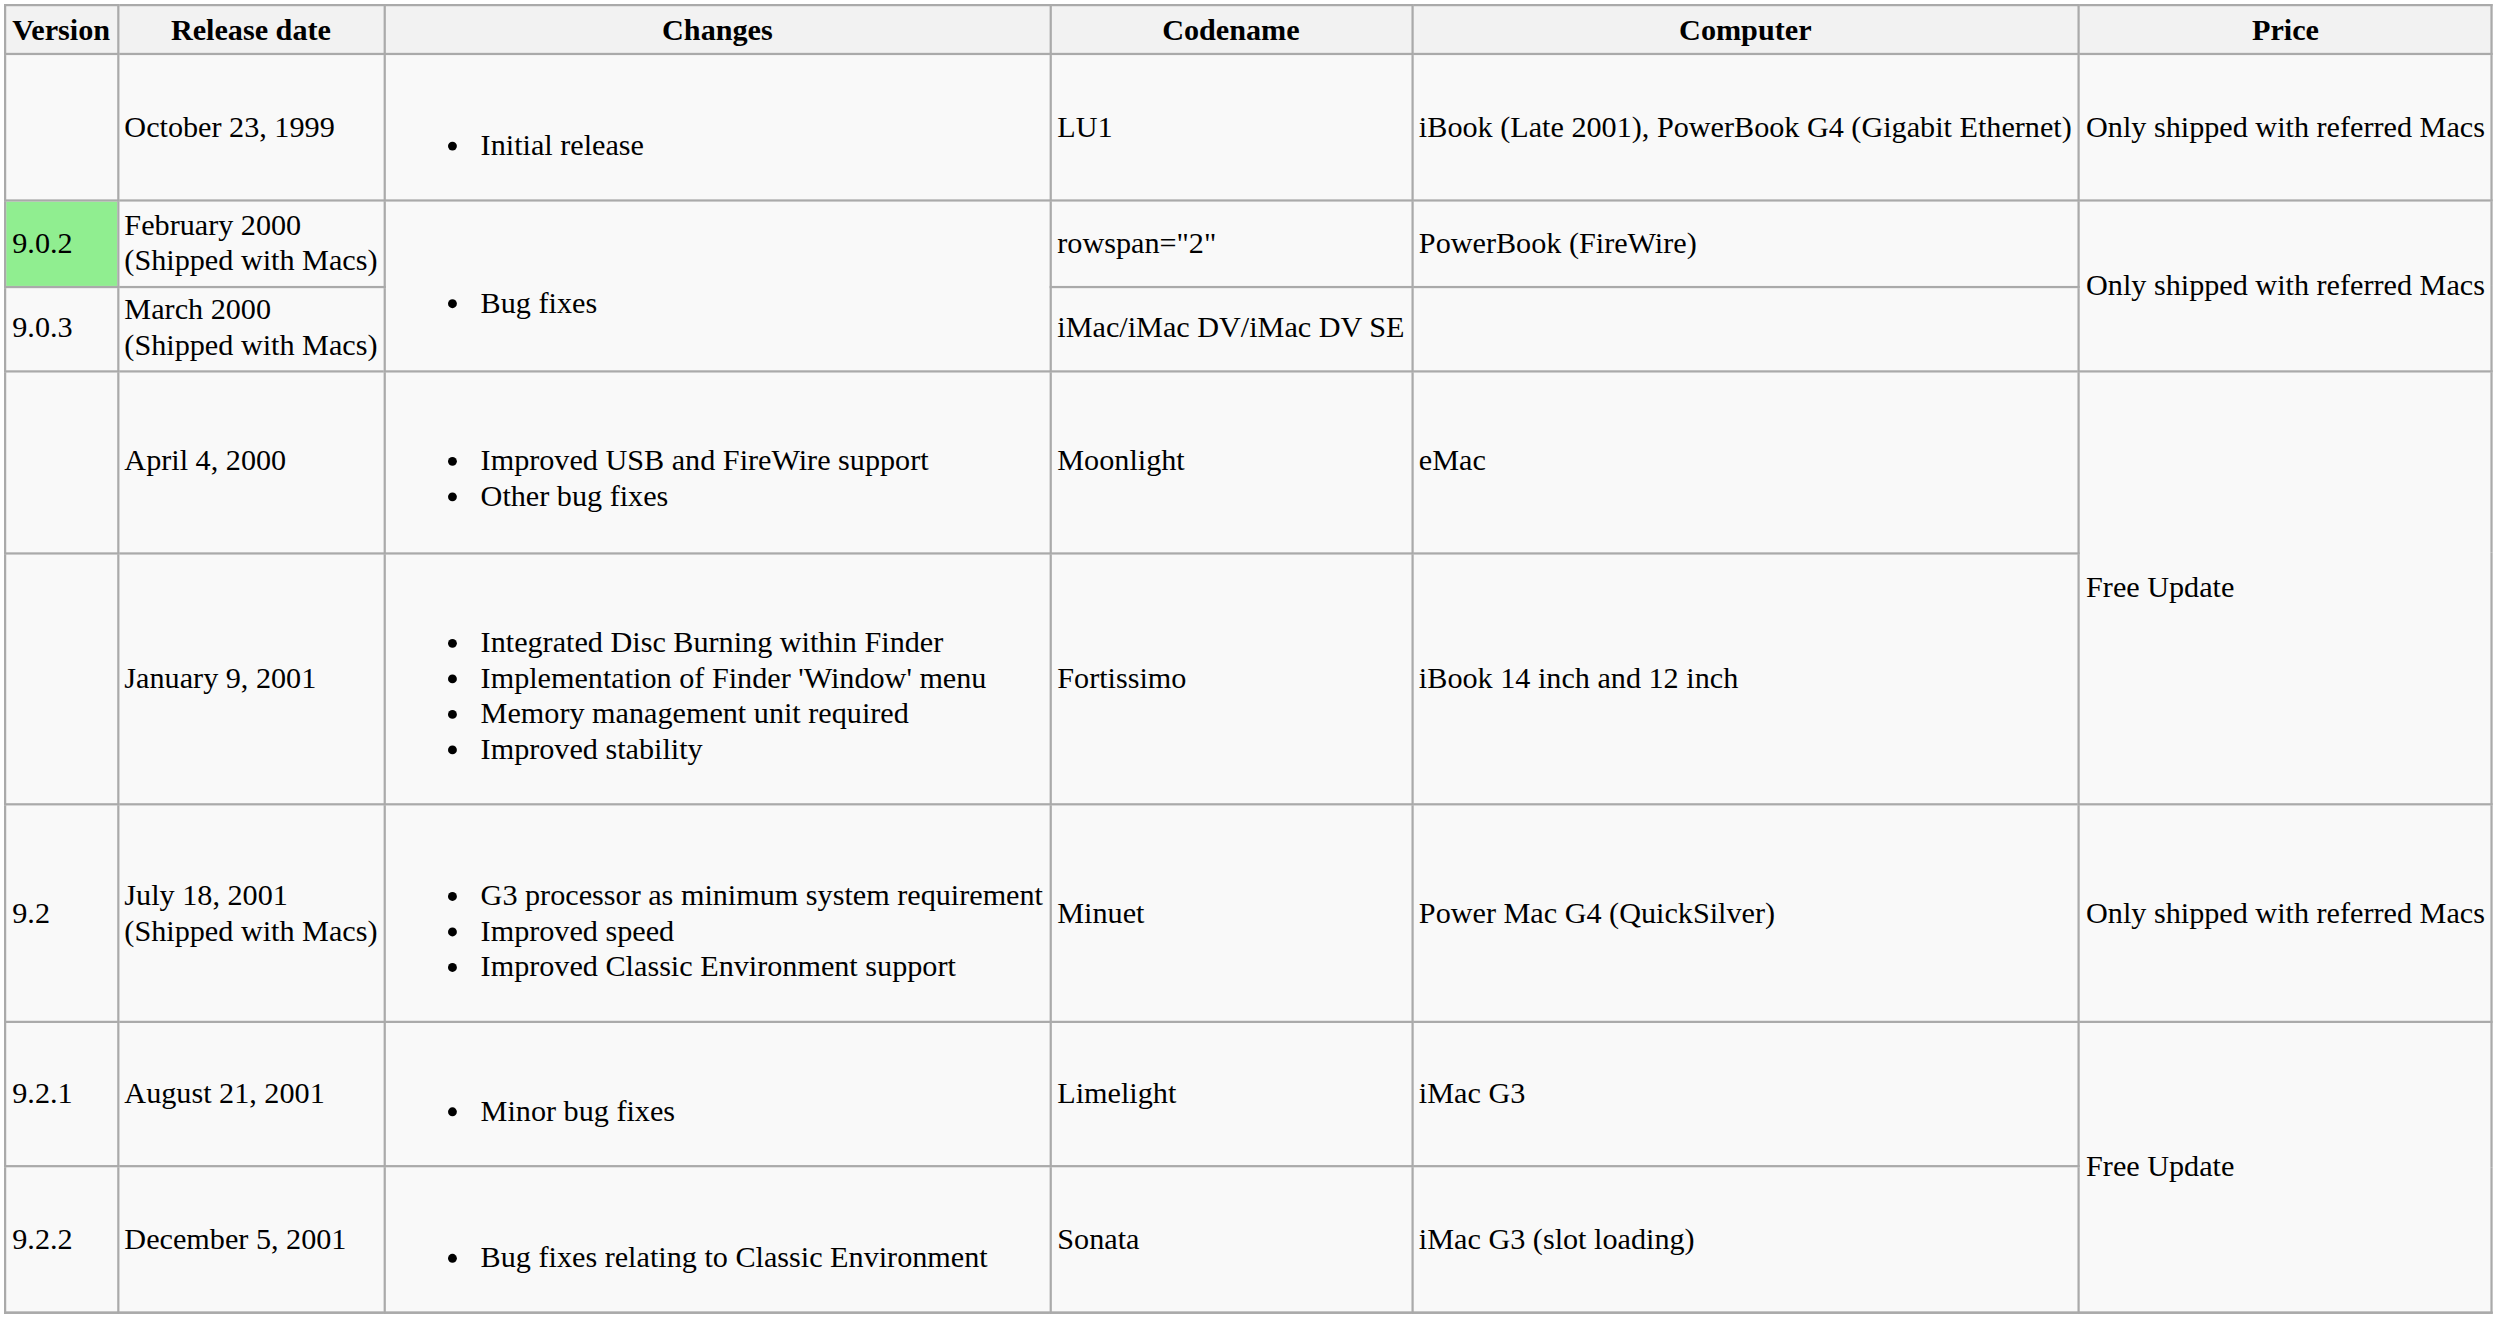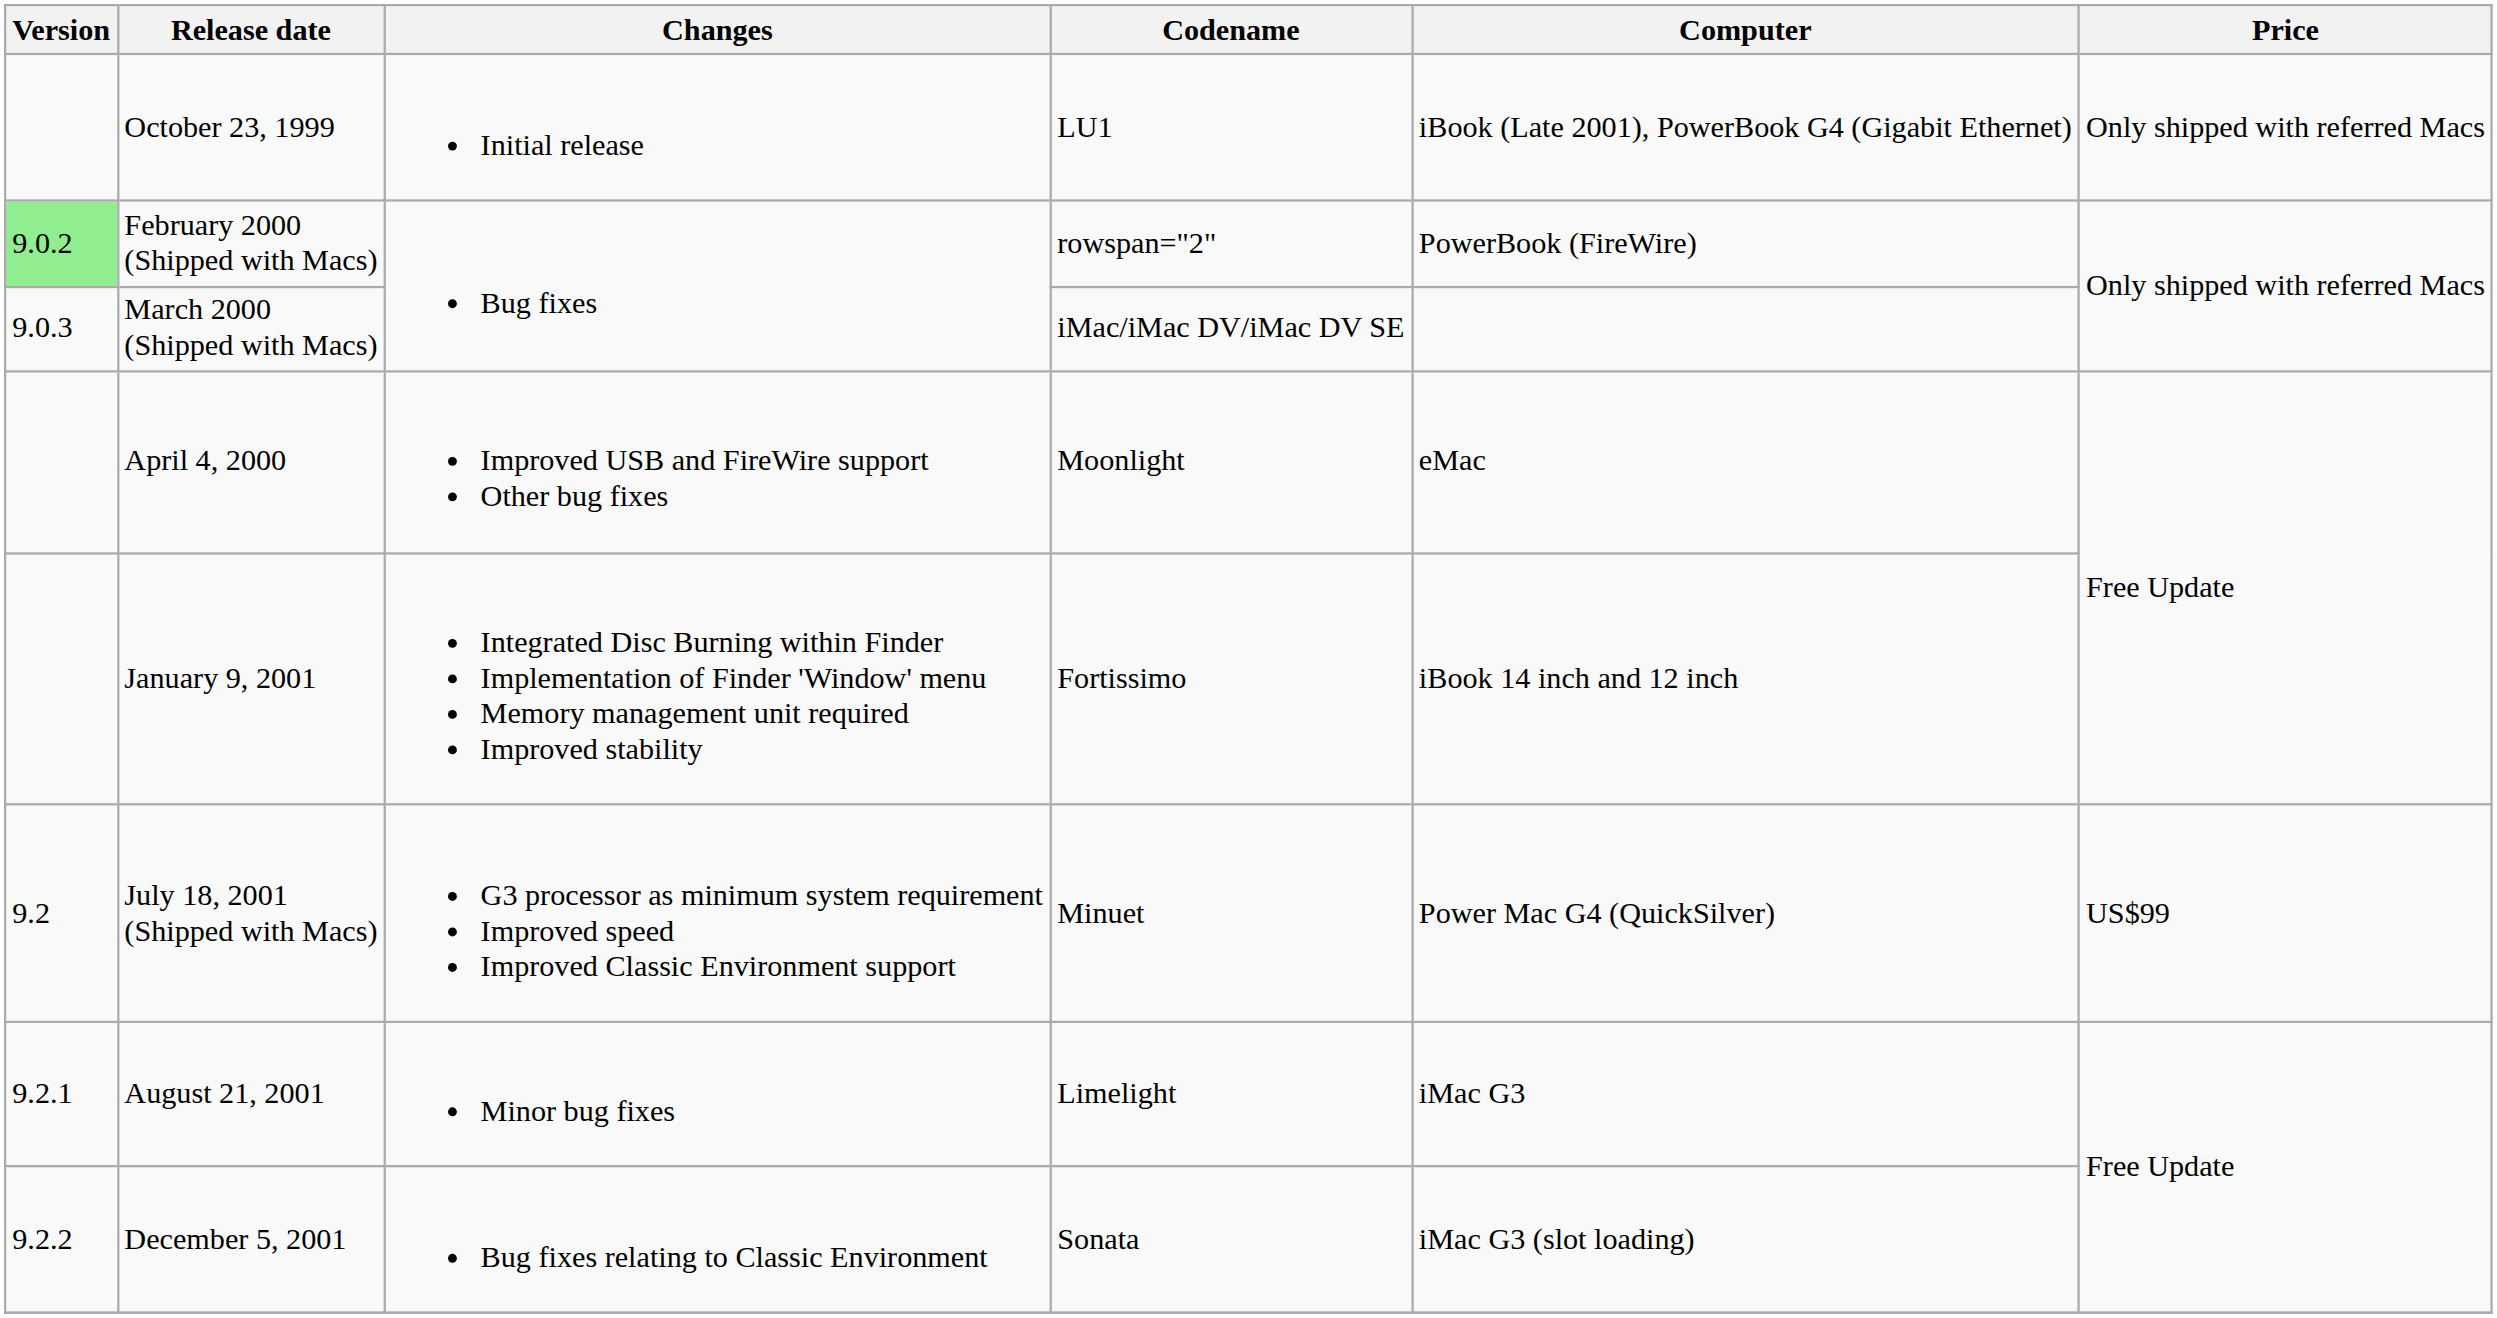 <table class="wikitable" style="font-size: 85%">
 <tr style="background: #ececec">
 <th>Version</th>
 <th>Release date</th>
 <th>Changes</th>
 <th>Codename</th>
 <th>Computer</th>
 <th>Price</th>
 </tr>
 <tr>
 <td></td>
 <td>October 23, 1999</td>
 <td><br><ul><li>Initial release</li></ul></td>
 <td>LU1</td>
 <td>iBook (Late 2001), PowerBook G4 (Gigabit Ethernet)</td>
 <td>Only shipped with referred Macs</td>
 </tr>
 <tr>
 <td style="background: lightgreen;">9.0.2</td>
 <td>February 2000<br>(Shipped with Macs)</td>
 <td rowspan="2"><br><ul><li>Bug fixes</li></ul></td>
 <td>rowspan="2" </td>
 <td>PowerBook (FireWire)</td>
 <td rowspan="2">Only shipped with referred Macs</td>
 </tr>
 <tr>
 <td>9.0.3</td>
 <td>March 2000<br>(Shipped with Macs)</td>
 <td>iMac/iMac DV/iMac DV SE</td>
 </tr>
 <tr>
 <td></td>
 <td>April 4, 2000</td>
 <td><br><ul><li>Improved USB and FireWire support</li><li>Other bug fixes</li></ul></td>
 <td>Moonlight</td>
 <td>eMac</td>
 <td rowspan="2">Free Update</td>
 </tr>
 <tr>
 <td></td>
 <td>January 9, 2001</td>
 <td><br><ul><li>Integrated Disc Burning within Finder</li><li>Implementation of Finder 'Window' menu</li><li>Memory management unit required</li><li>Improved stability</li></ul></td>
 <td>Fortissimo</td>
 <td>iBook 14 inch and 12 inch</td>
 </tr>
 <tr>
 <td>9.2</td>
 <td>July 18, 2001<br>(Shipped with Macs)</td>
 <td><br><ul><li>G3 processor as minimum system requirement</li><li>Improved speed</li><li>Improved Classic Environment support</li></ul></td>
 <td>Minuet</td>
 <td>Power Mac G4 (QuickSilver)</td>
-<td>Only shipped with referred Macs</td>
+<td>US$99</td>
 </tr>
 <tr>
 <td>9.2.1</td>
 <td>August 21, 2001</td>
 <td><br><ul><li>Minor bug fixes</li></ul></td>
 <td>Limelight</td>
 <td>iMac G3</td>
 <td rowspan="2">Free Update</td>
 </tr>
 <tr>
 <td>9.2.2</td>
 <td>December 5, 2001</td>
 <td><br><ul><li>Bug fixes relating to Classic Environment</li></ul></td>
 <td>Sonata</td>
 <td>iMac G3 (slot loading)</td>
 </tr>
 <tr>
 </tr>
 </table>
